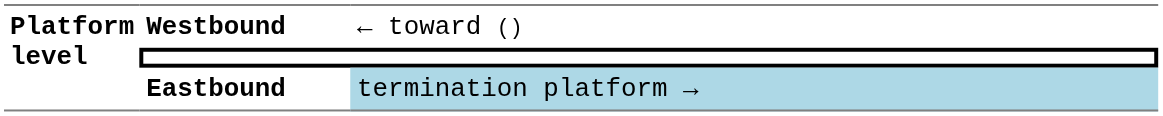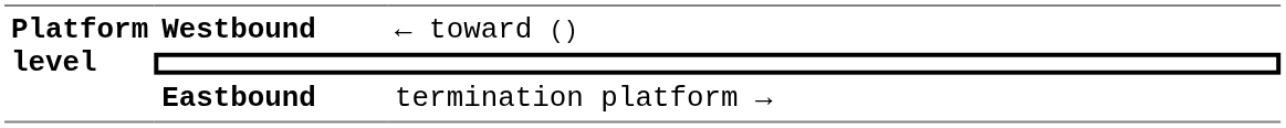 <table cellpadding="3" cellspacing="0" border="0">
 <tr>
 <td rowspan="3" width="50" style="border-top-color: gray; border-bottom-color: gray; border-top-width: 1px; border-bottom-width: 1px; border-top-style: solid; border-bottom-style: solid;" valign="top"><strong>Platform level</strong></td>
 <td width="100" style="border-top-color: gray; border-top-width: 1px; border-top-style: solid;"><strong>Westbound</strong></td>
 <td width="400" style="border-top-color: gray; border-top-width: 1px; border-top-style: solid;">←  toward  <small>()</small></td>
 </tr>
 <tr>
 <td colspan="2" style="border: 2px solid black; border-image: none; text-align: center;"></td>
 </tr>
 <tr>
 <td style="border-bottom-color: gray; border-bottom-width: 1px; border-bottom-style: solid;"><strong>Eastbound</strong></td>
-<td style="background: lightblue; border-bottom-color: gray; border-bottom-width: 1px; border-bottom-style: solid;"> termination platform →</td>
+<td style="border-bottom-color: gray; border-bottom-width: 1px; border-bottom-style: solid;"> termination platform →</td>
 </tr>
 </table>
